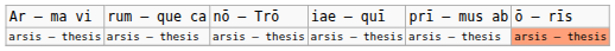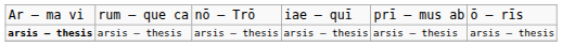 <table class="wikitable" style="margin-left: 1em;">
 <tr>
 <td>Ar — ma vi</td>
 <td>rum — que ca</td>
 <td>nō — Trō</td>
 <td>iae — quī</td>
 <td>prī — mus ab</td>
 <td>ō — rīs</td>
 </tr>
 <tr style="font-size: 0.8em;">
+<td><strong>arsis — thesis</strong></td>
 <td>arsis — thesis</td>
 <td>arsis — thesis</td>
 <td>arsis — thesis</td>
 <td>arsis — thesis</td>
 <td>arsis — thesis</td>
-<td style="background: lightsalmon;">arsis — thesis</td>
 </tr>
 <tr>
 </tr>
 </table>
